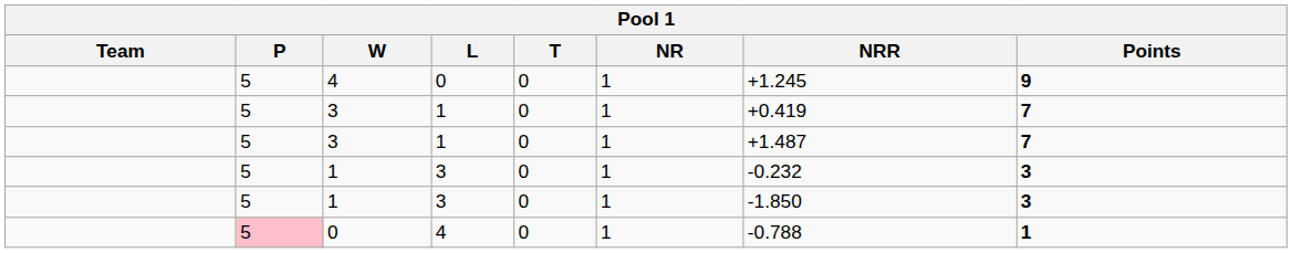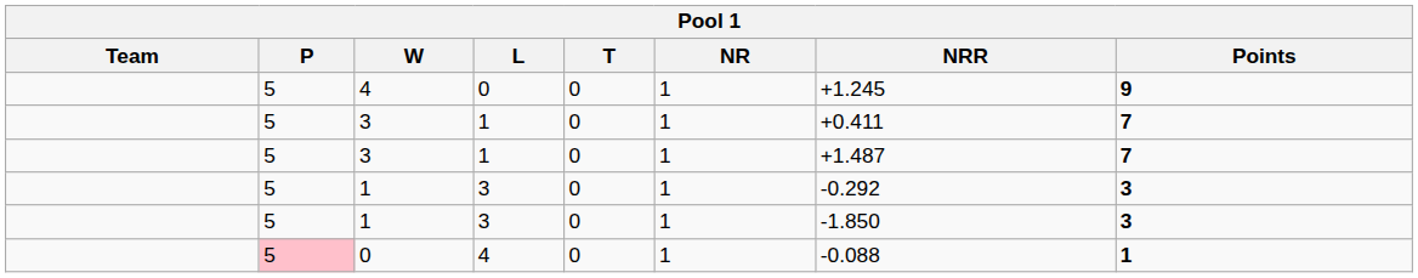 <table class="wikitable" width=85%>
 <tr>
 <th colspan="8">Pool 1</th>
 </tr>
 <tr>
 <th>Team</th>
 <th>P</th>
 <th>W</th>
 <th>L</th>
 <th>T</th>
 <th>NR</th>
 <th>NRR</th>
 <th>Points</th>
 </tr>
 <tr>
 <td align=left></td>
 <td>5</td>
 <td>4</td>
 <td>0</td>
 <td>0</td>
 <td>1</td>
 <td>+1.245</td>
 <td><strong>9</strong></td>
 </tr>
 <tr>
 <td align=left></td>
 <td>5</td>
 <td>3</td>
 <td>1</td>
 <td>0</td>
 <td>1</td>
-<td>+0.419</td>
+<td>+0.411</td>
 <td><strong>7</strong></td>
 </tr>
 <tr>
 <td align=left></td>
 <td>5</td>
 <td>3</td>
 <td>1</td>
 <td>0</td>
 <td>1</td>
 <td>+1.487</td>
 <td><strong>7</strong></td>
 </tr>
 <tr>
 <td align=left></td>
 <td>5</td>
 <td>1</td>
 <td>3</td>
 <td>0</td>
 <td>1</td>
-<td>-0.232</td>
+<td>-0.292</td>
 <td><strong>3</strong></td>
 </tr>
 <tr>
 <td align=left></td>
 <td>5</td>
 <td>1</td>
 <td>3</td>
 <td>0</td>
 <td>1</td>
 <td>-1.850</td>
 <td><strong>3</strong></td>
 </tr>
 <tr>
 <td align=left></td>
 <td style="background: pink;">5</td>
 <td>0</td>
 <td>4</td>
 <td>0</td>
 <td>1</td>
-<td>-0.788</td>
+<td>-0.088</td>
 <td><strong>1</strong></td>
 </tr>
 </table>
